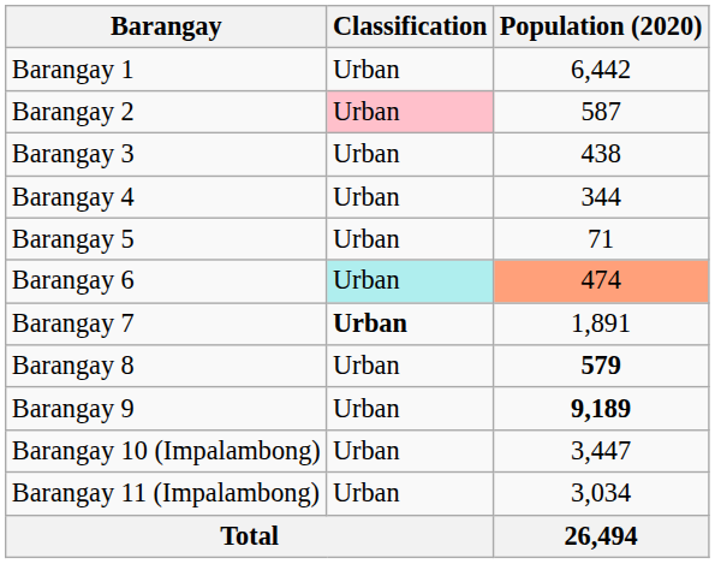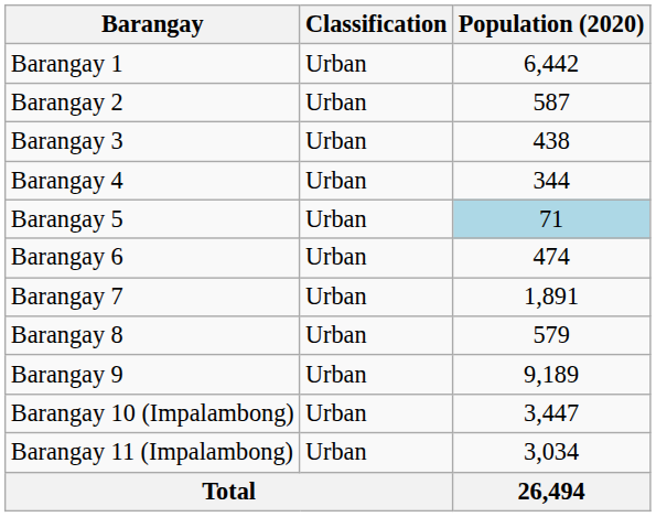 <table class="wikitable sortable">
 <tr>
 <th>Barangay</th>
 <th>Classification</th>
 <th>Population (2020)</th>
 </tr>
 <tr>
 <td>Barangay 1</td>
 <td>Urban</td>
 <td align="center">6,442</td>
 </tr>
 <tr>
 <td>Barangay 2</td>
-<td style="background: pink;">Urban</td>
+<td>Urban</td>
 <td align="center">587</td>
 </tr>
 <tr>
 <td>Barangay 3</td>
 <td>Urban</td>
 <td align="center">438</td>
 </tr>
 <tr>
 <td>Barangay 4</td>
 <td>Urban</td>
 <td align="center">344</td>
 </tr>
 <tr>
 <td>Barangay 5</td>
 <td>Urban</td>
-<td align="center">71</td>
+<td align="center" style="background: lightblue;">71</td>
 </tr>
 <tr>
 <td>Barangay 6</td>
-<td style="background: paleturquoise;">Urban</td>
-<td align="center" style="background: lightsalmon;">474</td>
+<td>Urban</td>
+<td align="center">474</td>
 </tr>
 <tr>
 <td>Barangay 7</td>
-<td><strong>Urban</strong></td>
+<td>Urban</td>
 <td align="center">1,891</td>
 </tr>
 <tr>
 <td>Barangay 8</td>
 <td>Urban</td>
-<td align="center"><strong>579</strong></td>
+<td align="center">579</td>
 </tr>
 <tr>
 <td>Barangay 9</td>
 <td>Urban</td>
-<td align="center"><strong>9,189</strong></td>
+<td align="center">9,189</td>
 </tr>
 <tr>
 <td>Barangay 10 (Impalambong)</td>
 <td>Urban</td>
 <td align="center">3,447</td>
 </tr>
 <tr>
 <td>Barangay 11 (Impalambong)</td>
 <td>Urban</td>
 <td align="center">3,034</td>
 </tr>
 <tr>
 <th colspan="2">Total</th>
 <th>26,494</th>
 </tr>
 </table>
